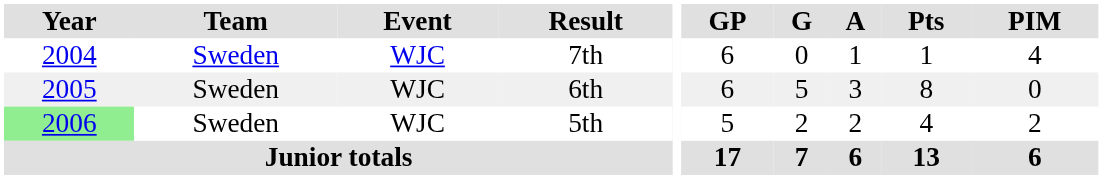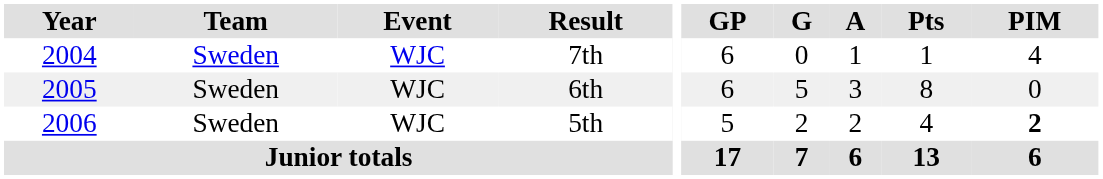 <table border="0" cellpadding="1" cellspacing="0" ID="Table3" style="text-align:center; width:40em">
 <tr ALIGN="center" bgcolor="#e0e0e0">
 <th>Year</th>
 <th>Team</th>
 <th>Event</th>
 <th>Result</th>
 <th rowspan="99" bgcolor="#ffffff"></th>
 <th>GP</th>
 <th>G</th>
 <th>A</th>
 <th>Pts</th>
 <th>PIM</th>
 </tr>
 <tr>
 <td><a href='#'>2004</a></td>
 <td><a href='#'>Sweden</a></td>
 <td><a href='#'>WJC</a></td>
 <td>7th</td>
 <td>6</td>
 <td>0</td>
 <td>1</td>
 <td>1</td>
 <td>4</td>
 </tr>
 <tr bgcolor="#f0f0f0">
 <td><a href='#'>2005</a></td>
 <td>Sweden</td>
 <td>WJC</td>
 <td>6th</td>
 <td>6</td>
 <td>5</td>
 <td>3</td>
 <td>8</td>
 <td>0</td>
 </tr>
 <tr>
-<td style="background: lightgreen;"><a href='#'>2006</a></td>
+<td><a href='#'>2006</a></td>
 <td>Sweden</td>
 <td>WJC</td>
 <td>5th</td>
 <td>5</td>
 <td>2</td>
 <td>2</td>
 <td>4</td>
-<td>2</td>
+<td><strong>2</strong></td>
 </tr>
 <tr bgcolor="#e0e0e0">
 <th colspan=4>Junior totals</th>
 <th>17</th>
 <th>7</th>
 <th>6</th>
 <th>13</th>
 <th>6</th>
 </tr>
 </table>
